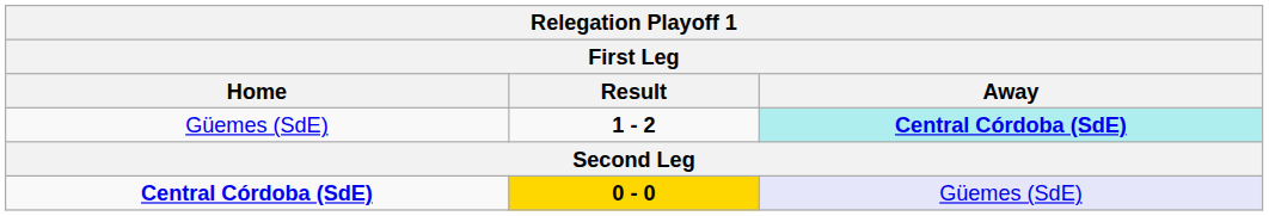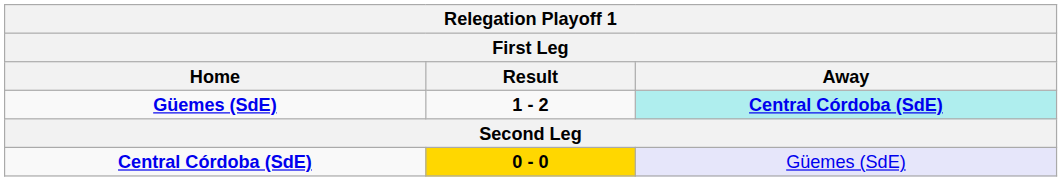 <table align=center class="wikitable collapsed" style="font-size:95%; text-align: center; width: 70%;">
 <tr>
 <th colspan=100% style="with: 100%;" align=center>Relegation Playoff 1</th>
 </tr>
 <tr>
 <th colspan=100% style="with: 75%;" align=center>First Leg</th>
 </tr>
 <tr>
 <th width=30%>Home</th>
 <th width=15%>Result</th>
 <th width=30%>Away</th>
 </tr>
 <tr align=center>
-<td><a href='#'>Güemes (SdE)</a></td>
+<td><strong><a href='#'>Güemes (SdE)</a></strong></td>
 <td><strong>1 - 2</strong></td>
 <td style="background: paleturquoise;"><strong><a href='#'>Central Córdoba (SdE)</a></strong></td>
 </tr>
 <tr>
 <th colspan=100% style="with: 75%;" align=center>Second Leg</th>
 </tr>
 <tr align=center>
 <td><strong><a href='#'>Central Córdoba (SdE)</a></strong></td>
 <td style="background: gold;"><strong>0 - 0</strong></td>
 <td style="background: lavender;"><a href='#'>Güemes (SdE)</a></td>
 </tr>
 </table>
